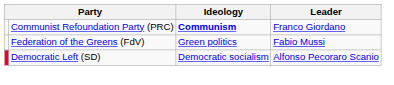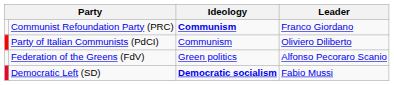 <table class=wikitable style=text-align:left>
 <tr>
 <th colspan=2>Party</th>
 <th>Ideology</th>
 <th>Leader</th>
 </tr>
 <tr>
 <td></td>
 <td><a href='#'>Communist Refoundation Party</a> (PRC)</td>
 <td><strong><a href='#'>Communism</a></strong></td>
 <td><a href='#'>Franco Giordano</a></td>
 </tr>
 <tr>
+<td bgcolor="red"></td>
+<td><a href='#'>Party of Italian Communists</a> (PdCI)</td>
+<td><a href='#'>Communism</a></td>
+<td><a href='#'>Oliviero Diliberto</a></td>
+</tr>
+<tr>
 <td></td>
 <td><a href='#'>Federation of the Greens</a> (FdV)</td>
 <td><a href='#'>Green politics</a></td>
-<td><a href='#'>Fabio Mussi</a></td>
+<td><a href='#'>Alfonso Pecoraro Scanio</a></td>
 </tr>
 <tr>
 <td bgcolor="#F0002B"></td>
 <td><a href='#'>Democratic Left</a> (SD)</td>
-<td><a href='#'>Democratic socialism</a></td>
-<td><a href='#'>Alfonso Pecoraro Scanio</a></td>
+<td><strong><a href='#'>Democratic socialism</a></strong></td>
+<td><a href='#'>Fabio Mussi</a></td>
 </tr>
 </table>
